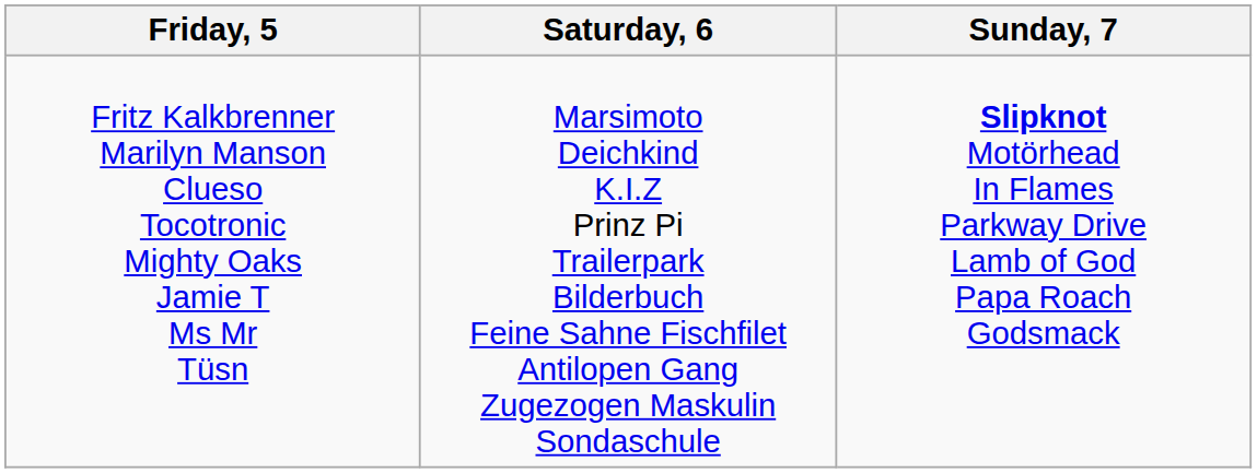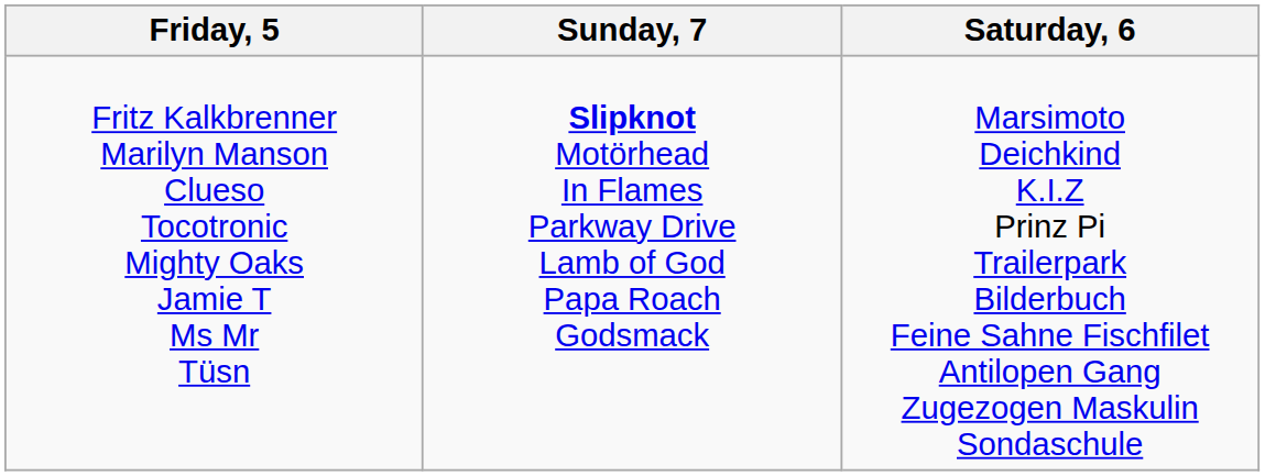 <table class="wikitable">
 <tr>
 <th>Friday, 5</th>
+<th>Sunday, 7</th>
 <th>Saturday, 6</th>
-<th>Sunday, 7</th>
 </tr>
 <tr>
 <td style="text-align:center; vertical-align:top; width:200px;"><br><a href='#'>Fritz Kalkbrenner</a> <br> <a href='#'>Marilyn Manson</a> <br> <a href='#'>Clueso</a> <br> <a href='#'>Tocotronic</a><br> <a href='#'>Mighty Oaks</a> <br> <a href='#'>Jamie T</a> <br> <a href='#'>Ms Mr</a> <br> <a href='#'>Tüsn</a> <br></td>
+<td style="text-align:center; vertical-align:top; width:200px;"><br><strong><a href='#'>Slipknot</a></strong><br> <a href='#'>Motörhead</a> <br> <a href='#'>In Flames</a> <br> <a href='#'>Parkway Drive</a> <br> <a href='#'>Lamb of God</a> <br> <a href='#'>Papa Roach</a> <br> <a href='#'>Godsmack</a> <br></td>
 <td style="text-align:center; vertical-align:top; width:200px;"><br><a href='#'>Marsimoto</a> <br> <a href='#'>Deichkind</a> <br> <a href='#'>K.I.Z</a> <br> Prinz Pi <br> <a href='#'>Trailerpark</a> <br> <a href='#'>Bilderbuch</a> <br> <a href='#'>Feine Sahne Fischfilet</a> <br> <a href='#'>Antilopen Gang</a> <br> <a href='#'>Zugezogen Maskulin</a> <br> <a href='#'>Sondaschule</a> <br></td>
-<td style="text-align:center; vertical-align:top; width:200px;"><br><strong><a href='#'>Slipknot</a></strong><br> <a href='#'>Motörhead</a> <br> <a href='#'>In Flames</a> <br> <a href='#'>Parkway Drive</a> <br> <a href='#'>Lamb of God</a> <br> <a href='#'>Papa Roach</a> <br> <a href='#'>Godsmack</a> <br></td>
 </tr>
 </table>
